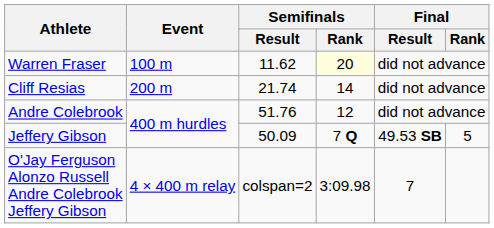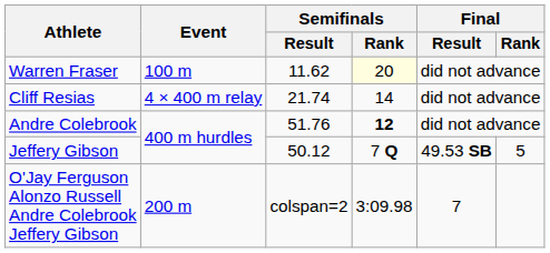 <table class=wikitable style="font-size:90%">
 <tr>
 <th rowspan="2">Athlete</th>
 <th rowspan="2">Event</th>
 <th colspan="2">Semifinals</th>
 <th colspan="2">Final</th>
 </tr>
 <tr style="font-size:95%">
 <th>Result</th>
 <th>Rank</th>
 <th>Result</th>
 <th>Rank</th>
 </tr>
 <tr align=center>
 <td align=left><a href='#'>Warren Fraser</a></td>
 <td align=left><a href='#'>100 m</a></td>
 <td>11.62</td>
 <td style="background: lightyellow;">20</td>
 <td colspan=2>did not advance</td>
 </tr>
 <tr align=center>
 <td align=left><a href='#'>Cliff Resias</a></td>
-<td align=left><a href='#'>200 m</a></td>
+<td align=left><a href='#'>4 × 400 m relay</a></td>
 <td>21.74</td>
 <td>14</td>
 <td colspan=2>did not advance</td>
 </tr>
 <tr align=center>
 <td align=left><a href='#'>Andre Colebrook</a></td>
 <td align=left rowspan=2><a href='#'>400 m hurdles</a></td>
 <td>51.76</td>
-<td>12</td>
+<td><strong>12</strong></td>
 <td colspan=2>did not advance</td>
 </tr>
 <tr align=center>
 <td align=left><a href='#'>Jeffery Gibson</a></td>
-<td>50.09</td>
+<td>50.12</td>
 <td>7 <strong>Q</strong></td>
 <td>49.53 <strong>SB</strong></td>
 <td>5</td>
 </tr>
 <tr align=center>
 <td align=left><a href='#'>O'Jay Ferguson</a><br><a href='#'>Alonzo Russell</a><br><a href='#'>Andre Colebrook</a><br><a href='#'>Jeffery Gibson</a></td>
-<td align=left><a href='#'>4 × 400 m relay</a></td>
+<td align=left><a href='#'>200 m</a></td>
 <td>colspan=2 </td>
 <td>3:09.98</td>
 <td>7</td>
 </tr>
 </table>
